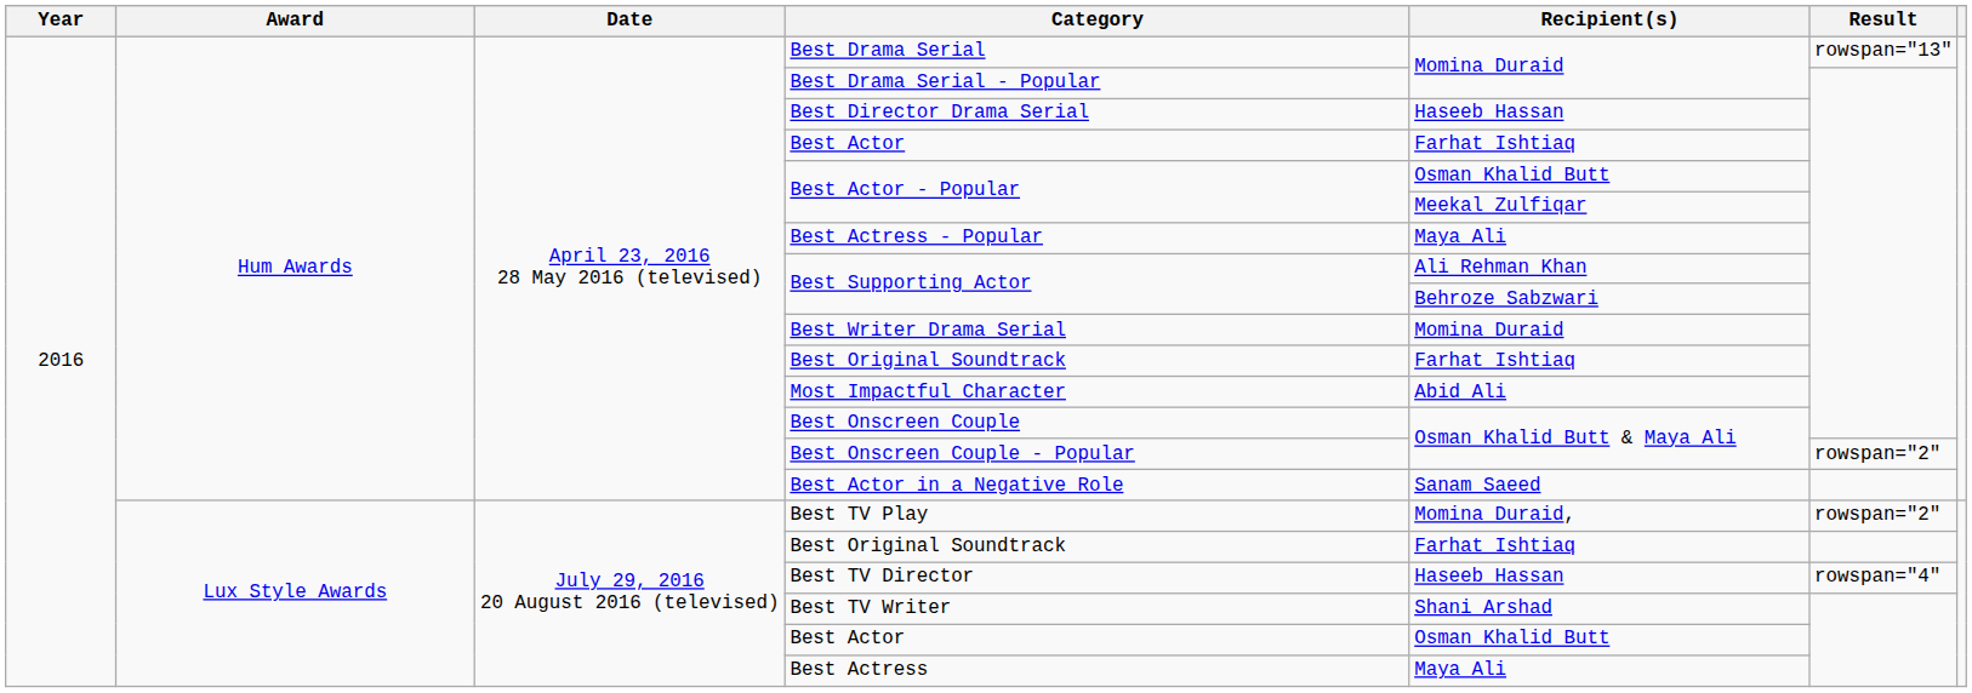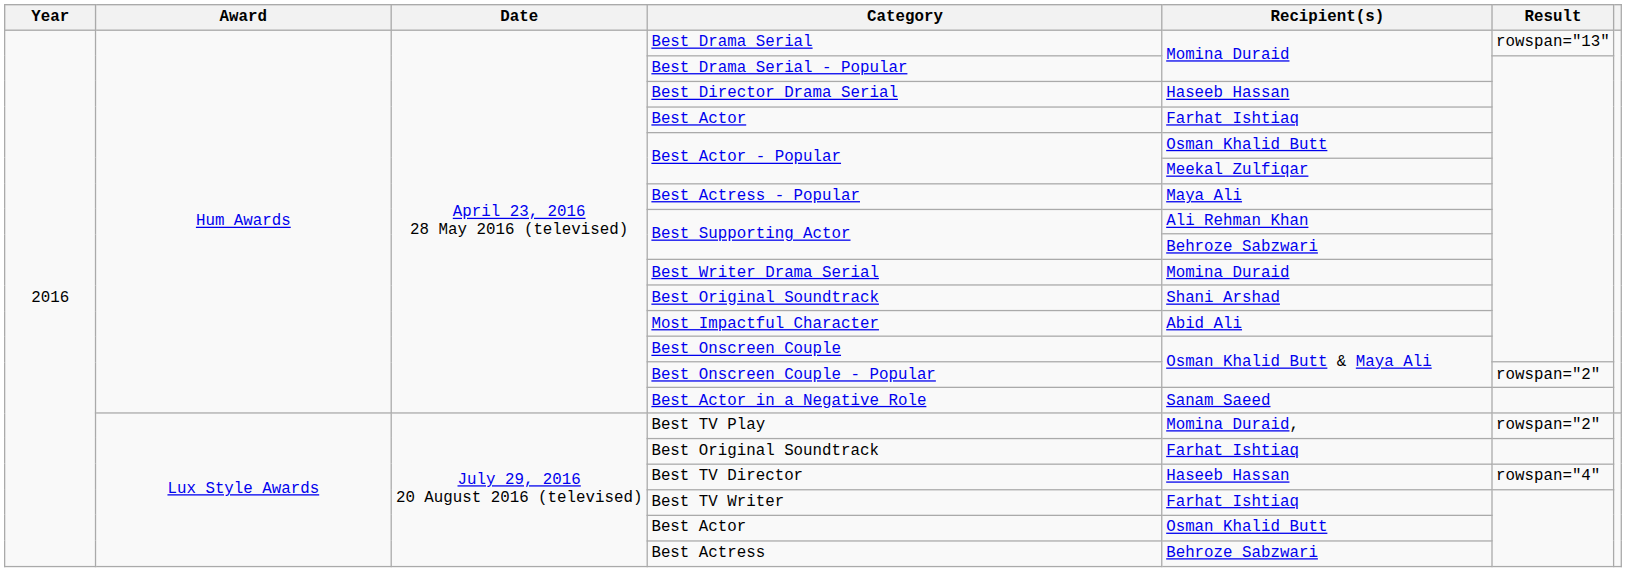 <table class="wikitable" width="100%" style="font-size: 95%;">
 <tr style="background:#ccc; text-align:center;">
 <th scope="col" width="6%">Year</th>
 <th scope="col" width="20%">Award</th>
 <th scope="col" width="17%">Date</th>
 <th scope="col" width="35%">Category</th>
 <th scope="col" width="30%">Recipient(s)</th>
 <th scope="col" width="10%">Result</th>
 <th></th>
 </tr>
 <tr>
 <td rowspan="21" style="text-align:center;">2016</td>
 <td rowspan="15" style="text-align:center;"><a href='#'>Hum Awards</a></td>
 <td rowspan="15" style="text-align:center;"><a href='#'>April 23, 2016</a><br>28 May 2016 (televised)</td>
 <td><a href='#'>Best Drama Serial</a></td>
 <td rowspan="2"><a href='#'>Momina Duraid</a></td>
 <td>rowspan="13" </td>
 <td rowspan="15" style="text-align:center;"></td>
 </tr>
 <tr>
 <td><a href='#'>Best Drama Serial - Popular</a></td>
 </tr>
 <tr>
 <td><a href='#'>Best Director Drama Serial</a></td>
 <td><a href='#'>Haseeb Hassan</a></td>
 </tr>
 <tr>
 <td><a href='#'>Best Actor</a></td>
 <td><a href='#'>Farhat Ishtiaq</a></td>
 </tr>
 <tr>
 <td rowspan="2"><a href='#'>Best Actor - Popular</a></td>
 <td><a href='#'>Osman Khalid Butt</a></td>
 </tr>
 <tr>
 <td><a href='#'>Meekal Zulfiqar</a></td>
 </tr>
 <tr>
 <td><a href='#'>Best Actress - Popular</a></td>
 <td><a href='#'>Maya Ali</a></td>
 </tr>
 <tr>
 <td rowspan="2"><a href='#'>Best Supporting Actor</a></td>
 <td><a href='#'>Ali Rehman Khan</a></td>
 </tr>
 <tr>
 <td><a href='#'>Behroze Sabzwari</a></td>
 </tr>
 <tr>
 <td><a href='#'>Best Writer Drama Serial</a></td>
 <td><a href='#'>Momina Duraid</a></td>
 </tr>
 <tr>
 <td><a href='#'>Best Original Soundtrack</a></td>
-<td><a href='#'>Farhat Ishtiaq</a></td>
+<td><a href='#'>Shani Arshad</a></td>
 </tr>
 <tr>
 <td><a href='#'>Most Impactful Character</a></td>
 <td><a href='#'>Abid Ali</a></td>
 </tr>
 <tr>
 <td><a href='#'>Best Onscreen Couple</a></td>
 <td rowspan="2"><a href='#'>Osman Khalid Butt</a> & <a href='#'>Maya Ali</a></td>
 </tr>
 <tr>
 <td><a href='#'>Best Onscreen Couple - Popular</a></td>
 <td>rowspan="2" </td>
 </tr>
 <tr>
 <td><a href='#'>Best Actor in a Negative Role</a></td>
 <td><a href='#'>Sanam Saeed</a></td>
 </tr>
 <tr>
 <td rowspan="6" style="text-align:center;"><a href='#'>Lux Style Awards</a></td>
 <td rowspan="6" style="text-align:center;"><a href='#'>July 29, 2016</a><br>20 August 2016 (televised)</td>
 <td>Best TV Play</td>
 <td><a href='#'>Momina Duraid</a>,</td>
 <td>rowspan="2" </td>
 <td rowspan="6" style="text-align:center;"></td>
 </tr>
 <tr>
 <td>Best Original Soundtrack</td>
 <td><a href='#'>Farhat Ishtiaq</a></td>
 </tr>
 <tr>
 <td>Best TV Director</td>
 <td><a href='#'>Haseeb Hassan</a></td>
 <td>rowspan="4" </td>
 </tr>
 <tr>
 <td>Best TV Writer</td>
-<td><a href='#'>Shani Arshad</a></td>
+<td><a href='#'>Farhat Ishtiaq</a></td>
 </tr>
 <tr>
 <td>Best Actor</td>
 <td><a href='#'>Osman Khalid Butt</a></td>
 </tr>
 <tr>
 <td>Best Actress</td>
-<td><a href='#'>Maya Ali</a></td>
+<td><a href='#'>Behroze Sabzwari</a></td>
 </tr>
 </table>
